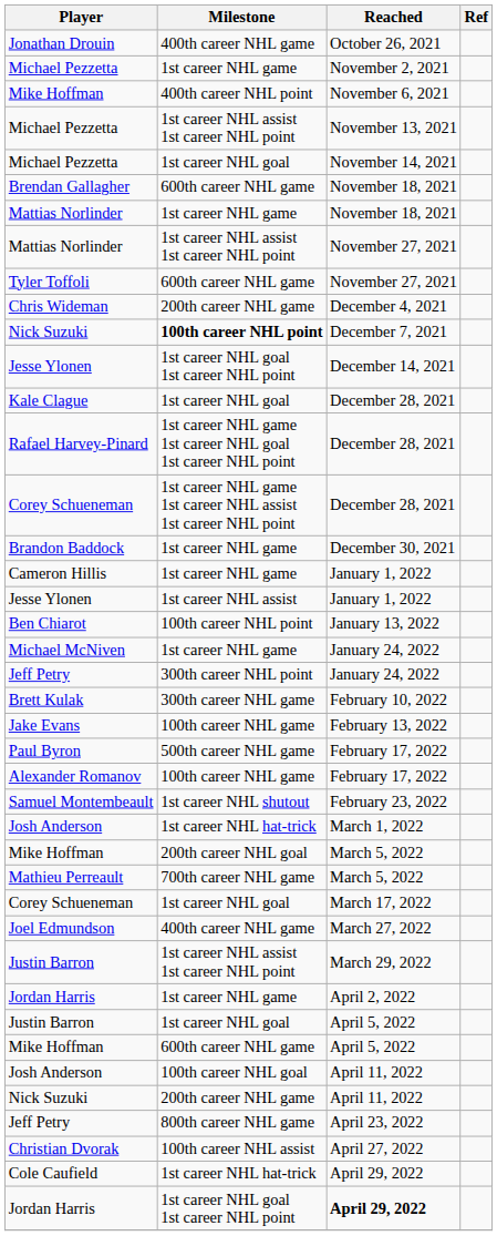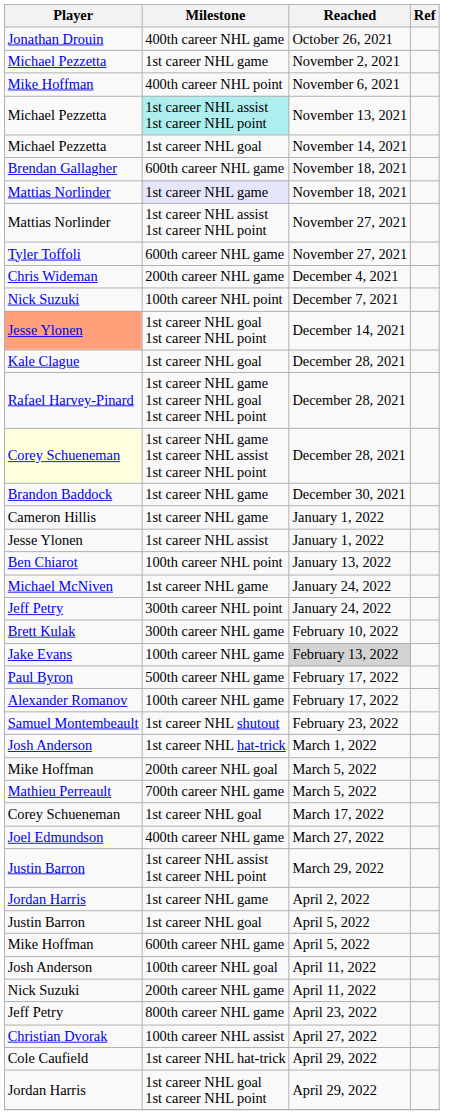 <table class="wikitable sortable">
 <tr align=center>
 <th>Player</th>
 <th>Milestone</th>
 <th data-sort-type="date">Reached</th>
 <th>Ref</th>
 </tr>
 <tr>
 <td><a href='#'>Jonathan Drouin</a></td>
 <td>400th career NHL game</td>
 <td>October 26, 2021</td>
 <td></td>
 </tr>
 <tr>
 <td><a href='#'>Michael Pezzetta</a></td>
 <td>1st career NHL game</td>
 <td>November 2, 2021</td>
 <td></td>
 </tr>
 <tr>
 <td><a href='#'> Mike Hoffman</a></td>
 <td>400th career NHL point</td>
 <td>November 6, 2021</td>
 <td></td>
 </tr>
 <tr>
 <td>Michael Pezzetta</td>
-<td>1st career NHL assist<br>1st career NHL point</td>
+<td style="background: paleturquoise;">1st career NHL assist<br>1st career NHL point</td>
 <td>November 13, 2021</td>
 <td></td>
 </tr>
 <tr>
 <td>Michael Pezzetta</td>
 <td>1st career NHL goal</td>
 <td>November 14, 2021</td>
 <td></td>
 </tr>
 <tr>
 <td><a href='#'>Brendan Gallagher</a></td>
 <td>600th career NHL game</td>
 <td>November 18, 2021</td>
 <td></td>
 </tr>
 <tr>
 <td><a href='#'>Mattias Norlinder</a></td>
-<td>1st career NHL game</td>
+<td style="background: lavender;">1st career NHL game</td>
 <td>November 18, 2021</td>
 <td></td>
 </tr>
 <tr>
 <td>Mattias Norlinder</td>
 <td>1st career NHL assist<br>1st career NHL point</td>
 <td>November 27, 2021</td>
 <td></td>
 </tr>
 <tr>
 <td><a href='#'>Tyler Toffoli</a></td>
 <td>600th career NHL game</td>
 <td>November 27, 2021</td>
 <td></td>
 </tr>
 <tr>
 <td><a href='#'>Chris Wideman</a></td>
 <td>200th career NHL game</td>
 <td>December 4, 2021</td>
 <td></td>
 </tr>
 <tr>
 <td><a href='#'>Nick Suzuki</a></td>
-<td><strong>100th career NHL point</strong></td>
+<td>100th career NHL point</td>
 <td>December 7, 2021</td>
 <td></td>
 </tr>
 <tr>
-<td><a href='#'>Jesse Ylonen</a></td>
+<td style="background: lightsalmon;"><a href='#'>Jesse Ylonen</a></td>
 <td>1st career NHL goal<br>1st career NHL point</td>
 <td>December 14, 2021</td>
 <td></td>
 </tr>
 <tr>
 <td><a href='#'>Kale Clague</a></td>
 <td>1st career NHL goal</td>
 <td>December 28, 2021</td>
 <td></td>
 </tr>
 <tr>
 <td><a href='#'>Rafael Harvey-Pinard</a></td>
 <td>1st career NHL game<br>1st career NHL goal<br>1st career NHL point</td>
 <td>December 28, 2021</td>
 <td></td>
 </tr>
 <tr>
-<td><a href='#'>Corey Schueneman</a></td>
+<td style="background: lightyellow;"><a href='#'>Corey Schueneman</a></td>
 <td>1st career NHL game<br>1st career NHL assist<br>1st career NHL point</td>
 <td>December 28, 2021</td>
 <td></td>
 </tr>
 <tr>
 <td><a href='#'>Brandon Baddock</a></td>
 <td>1st career NHL game</td>
 <td>December 30, 2021</td>
 <td></td>
 </tr>
 <tr>
 <td>Cameron Hillis</td>
 <td>1st career NHL game</td>
 <td>January 1, 2022</td>
 <td></td>
 </tr>
 <tr>
 <td>Jesse Ylonen</td>
 <td>1st career NHL assist</td>
 <td>January 1, 2022</td>
 <td></td>
 </tr>
 <tr>
 <td><a href='#'>Ben Chiarot</a></td>
 <td>100th career NHL point</td>
 <td>January 13, 2022</td>
 <td></td>
 </tr>
 <tr>
 <td><a href='#'>Michael McNiven</a></td>
 <td>1st career NHL game</td>
 <td>January 24, 2022</td>
 <td></td>
 </tr>
 <tr>
 <td><a href='#'>Jeff Petry</a></td>
 <td>300th career NHL point</td>
 <td>January 24, 2022</td>
 <td></td>
 </tr>
 <tr>
 <td><a href='#'>Brett Kulak</a></td>
 <td>300th career NHL game</td>
 <td>February 10, 2022</td>
 <td></td>
 </tr>
 <tr>
 <td><a href='#'> Jake Evans</a></td>
 <td>100th career NHL game</td>
-<td>February 13, 2022</td>
+<td style="background: lightgrey;">February 13, 2022</td>
 <td></td>
 </tr>
 <tr>
 <td><a href='#'>Paul Byron</a></td>
 <td>500th career NHL game</td>
 <td>February 17, 2022</td>
 <td></td>
 </tr>
 <tr>
 <td><a href='#'> Alexander Romanov</a></td>
 <td>100th career NHL game</td>
 <td>February 17, 2022</td>
 <td></td>
 </tr>
 <tr>
 <td><a href='#'>Samuel Montembeault</a></td>
 <td>1st career NHL <a href='#'>shutout</a></td>
 <td>February 23, 2022</td>
 <td></td>
 </tr>
 <tr>
 <td><a href='#'> Josh Anderson</a></td>
 <td>1st career NHL <a href='#'>hat-trick</a></td>
 <td>March 1, 2022</td>
 <td></td>
 </tr>
 <tr>
 <td>Mike Hoffman</td>
 <td>200th career NHL goal</td>
 <td>March 5, 2022</td>
 <td></td>
 </tr>
 <tr>
 <td><a href='#'>Mathieu Perreault</a></td>
 <td>700th career NHL game</td>
 <td>March 5, 2022</td>
 <td></td>
 </tr>
 <tr>
 <td>Corey Schueneman</td>
 <td>1st career NHL goal</td>
 <td>March 17, 2022</td>
 <td></td>
 </tr>
 <tr>
 <td><a href='#'>Joel Edmundson</a></td>
 <td>400th career NHL game</td>
 <td>March 27, 2022</td>
 <td></td>
 </tr>
 <tr>
 <td><a href='#'>Justin Barron</a></td>
 <td>1st career NHL assist<br>1st career NHL point</td>
 <td>March 29, 2022</td>
 <td></td>
 </tr>
 <tr>
 <td><a href='#'> Jordan Harris</a></td>
 <td>1st career NHL game</td>
 <td>April 2, 2022</td>
 <td></td>
 </tr>
 <tr>
 <td>Justin Barron</td>
 <td>1st career NHL goal</td>
 <td>April 5, 2022</td>
 <td></td>
 </tr>
 <tr>
 <td>Mike Hoffman</td>
 <td>600th career NHL game</td>
 <td>April 5, 2022</td>
 <td></td>
 </tr>
 <tr>
 <td>Josh Anderson</td>
 <td>100th career NHL goal</td>
 <td>April 11, 2022</td>
 <td></td>
 </tr>
 <tr>
 <td>Nick Suzuki</td>
 <td>200th career NHL game</td>
 <td>April 11, 2022</td>
 <td></td>
 </tr>
 <tr>
 <td>Jeff Petry</td>
 <td>800th career NHL game</td>
 <td>April 23, 2022</td>
 <td></td>
 </tr>
 <tr>
 <td><a href='#'>Christian Dvorak</a></td>
 <td>100th career NHL assist</td>
 <td>April 27, 2022</td>
 <td></td>
 </tr>
 <tr>
 <td>Cole Caufield</td>
 <td>1st career NHL hat-trick</td>
 <td>April 29, 2022</td>
 <td></td>
 </tr>
 <tr>
 <td>Jordan Harris</td>
 <td>1st career NHL goal<br>1st career NHL point</td>
-<td><strong>April 29, 2022</strong></td>
+<td>April 29, 2022</td>
 <td></td>
 </tr>
 <tr>
 </tr>
 </table>
